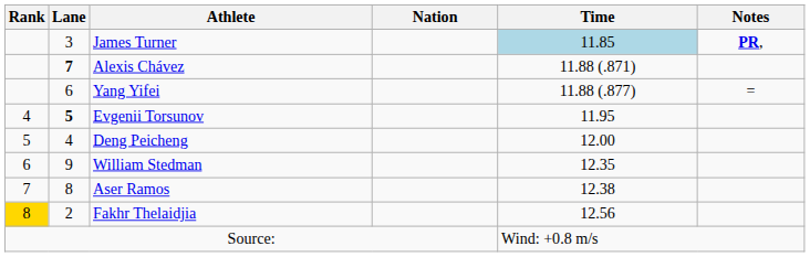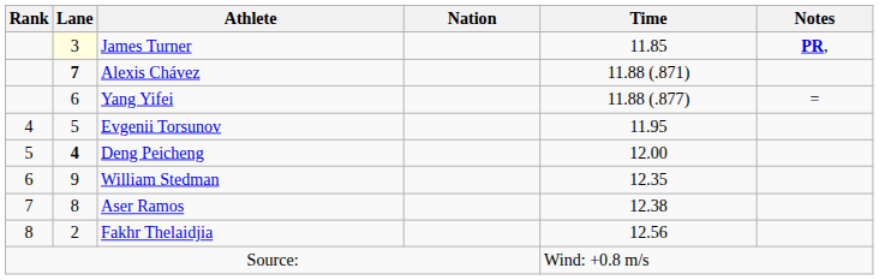 <table class="wikitable sortable" style="text-align:center;width: 65%;">
 <tr>
 <th scope="col" style="width: 10px;">Rank</th>
 <th scope="col" style="width: 10px;">Lane</th>
 <th scope="col">Athlete</th>
 <th scope="col">Nation</th>
 <th scope="col">Time</th>
 <th scope="col">Notes</th>
 </tr>
 <tr>
 <td></td>
-<td>3</td>
+<td style="background: lightyellow;">3</td>
 <td align=left><a href='#'>James Turner</a></td>
 <td align=left></td>
-<td style="background: lightblue;">11.85</td>
+<td>11.85</td>
 <td><strong><a href='#'>PR</a></strong>, </td>
 </tr>
 <tr>
 <td></td>
 <td><strong>7</strong></td>
 <td align=left><a href='#'>Alexis Chávez</a></td>
 <td align=left></td>
 <td>11.88 (.871)</td>
 <td></td>
 </tr>
 <tr>
 <td></td>
 <td>6</td>
 <td align=left><a href='#'>Yang Yifei</a></td>
 <td align=left></td>
 <td>11.88 (.877)</td>
 <td>=</td>
 </tr>
 <tr>
 <td>4</td>
-<td><strong>5</strong></td>
+<td>5</td>
 <td align=left><a href='#'>Evgenii Torsunov</a></td>
 <td align=left></td>
 <td>11.95</td>
 <td></td>
 </tr>
 <tr>
 <td>5</td>
-<td>4</td>
+<td><strong>4</strong></td>
 <td align=left><a href='#'>Deng Peicheng</a></td>
 <td align=left></td>
 <td>12.00</td>
 <td></td>
 </tr>
 <tr>
 <td>6</td>
 <td>9</td>
 <td align=left><a href='#'>William Stedman</a></td>
 <td align=left></td>
 <td>12.35</td>
 <td></td>
 </tr>
 <tr>
 <td>7</td>
 <td>8</td>
 <td align=left><a href='#'>Aser Ramos</a></td>
 <td align=left></td>
 <td>12.38</td>
 <td></td>
 </tr>
 <tr>
-<td style="background: gold;">8</td>
+<td>8</td>
 <td>2</td>
 <td align=left><a href='#'>Fakhr Thelaidjia</a></td>
 <td align=left></td>
 <td>12.56</td>
 <td></td>
 </tr>
 <tr class="sortbottom">
 <td colspan="4">Source:</td>
 <td colspan="2" style="text-align:left;">Wind: +0.8 m/s</td>
 </tr>
 </table>
